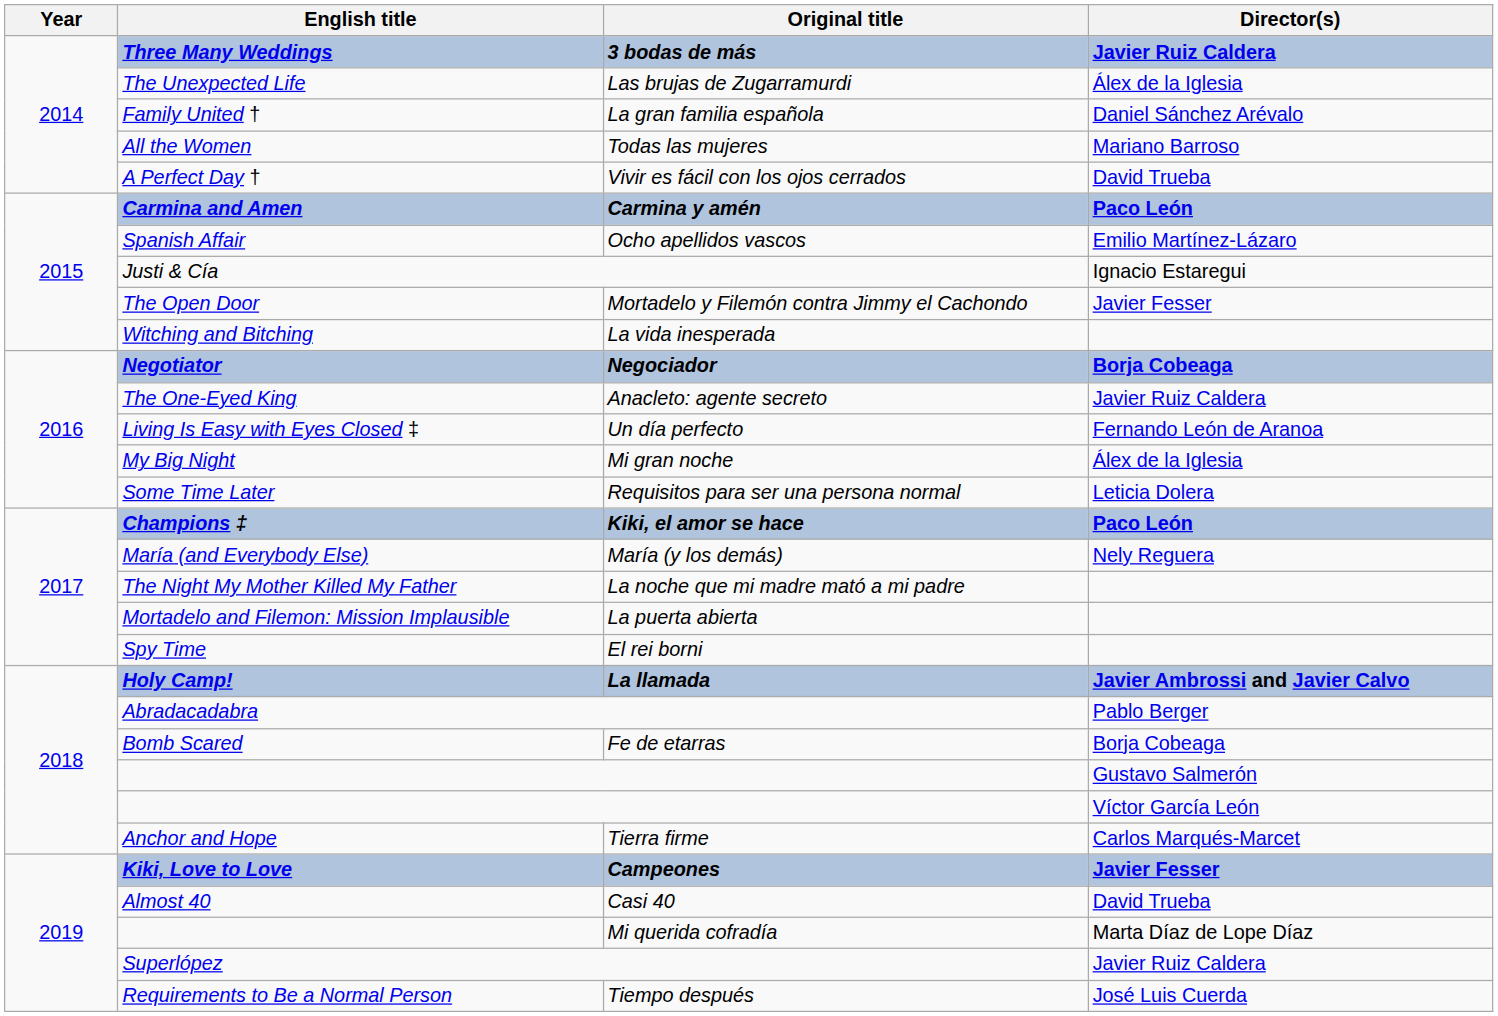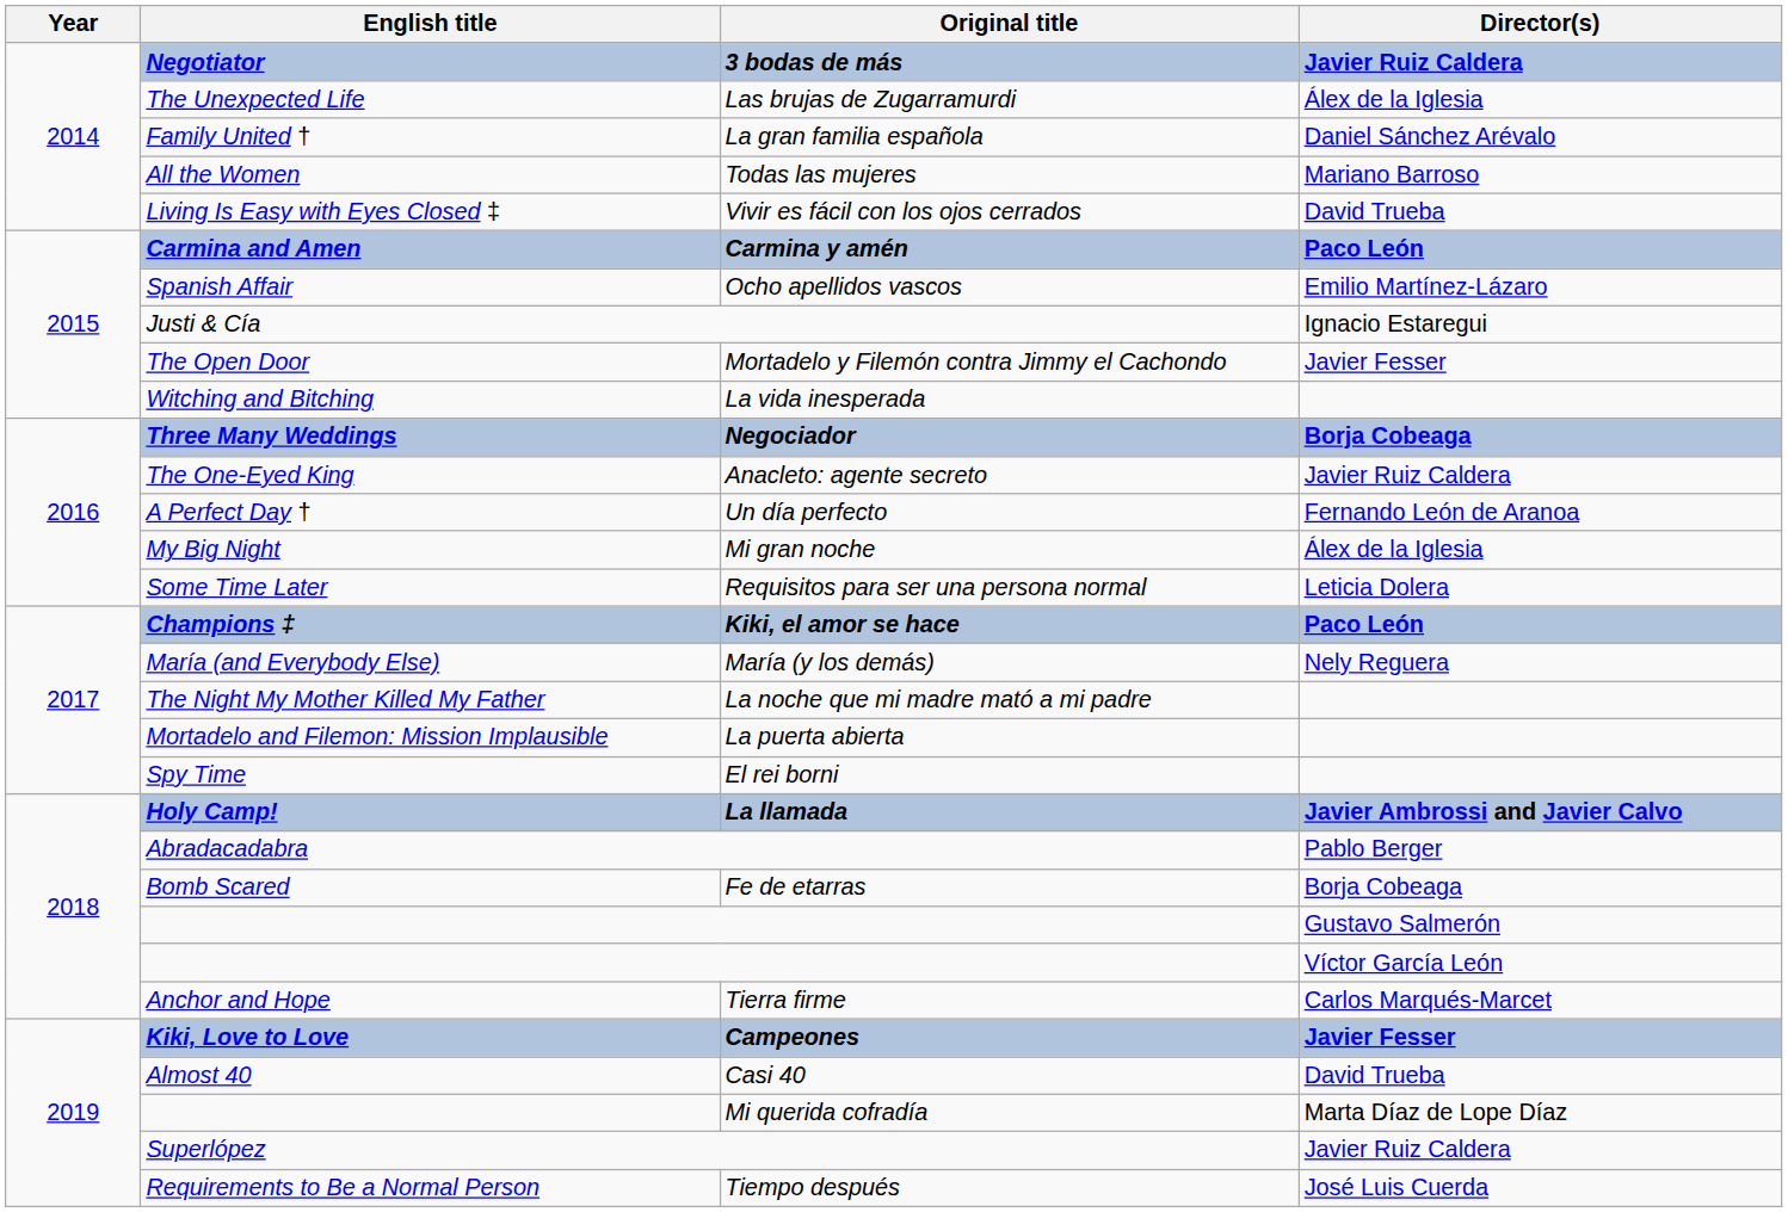 <table class="wikitable" width="95%" cellpadding="5">
 <tr>
 <th width="7%">Year</th>
 <th width="30%">English title</th>
 <th width="30%">Original title</th>
 <th width="25%">Director(s)</th>
 </tr>
 <tr>
 <td rowspan=5 style="text-align:center"><a href='#'>2014</a><br></td>
-<td style="background:#B0C4DE;"><strong><em><a href='#'>Three Many Weddings</a></em></strong></td>
+<td style="background:#B0C4DE;"><strong><em><a href='#'>Negotiator</a></em></strong></td>
 <td style="background:#B0C4DE;"><strong><em>3  bodas de más</em></strong></td>
 <td style="background:#B0C4DE;"><strong><a href='#'>Javier Ruiz Caldera</a></strong></td>
 </tr>
 <tr>
 <td><em><a href='#'>The Unexpected Life</a></em></td>
 <td><em>Las brujas de Zugarramurdi</em></td>
 <td><a href='#'>Álex de la Iglesia</a></td>
 </tr>
 <tr>
 <td><em><a href='#'>Family United</a></em> †</td>
 <td><em>La gran familia española</em></td>
 <td><a href='#'>Daniel Sánchez Arévalo</a></td>
 </tr>
 <tr>
 <td><em><a href='#'>All the Women</a></em></td>
 <td><em>Todas las mujeres</em></td>
 <td><a href='#'>Mariano Barroso</a></td>
 </tr>
 <tr>
-<td><em><a href='#'>A Perfect Day</a></em> †</td>
+<td><em><a href='#'>Living Is Easy with Eyes Closed</a></em> ‡</td>
 <td><em>Vivir es fácil con los ojos cerrados</em></td>
 <td><a href='#'>David Trueba</a></td>
 </tr>
 <tr>
 <td rowspan=5 style="text-align:center"><a href='#'>2015</a><br></td>
 <td style="background:#B0C4DE;"><strong><em><a href='#'>Carmina and Amen</a></em></strong></td>
 <td style="background:#B0C4DE;"><strong><em>Carmina y amén</em></strong></td>
 <td style="background:#B0C4DE;"><strong><a href='#'>Paco León</a></strong></td>
 </tr>
 <tr>
 <td><em><a href='#'>Spanish Affair</a></em></td>
 <td><em>Ocho apellidos vascos</em></td>
 <td><a href='#'>Emilio Martínez-Lázaro</a></td>
 </tr>
 <tr>
 <td colspan="2"><em>Justi & Cía</em></td>
 <td>Ignacio Estaregui</td>
 </tr>
 <tr>
 <td><em><a href='#'>The Open Door</a></em></td>
 <td><em>Mortadelo y Filemón contra Jimmy el Cachondo</em></td>
 <td><a href='#'>Javier Fesser</a></td>
 </tr>
 <tr>
 <td><em><a href='#'>Witching and Bitching</a></em></td>
 <td><em>La vida inesperada</em></td>
 <td></td>
 </tr>
 <tr>
 <td rowspan=5 style="text-align:center"><a href='#'>2016</a><br></td>
-<td style="background:#B0C4DE;"><strong><em><a href='#'>Negotiator</a></em></strong></td>
+<td style="background:#B0C4DE;"><strong><em><a href='#'>Three Many Weddings</a></em></strong></td>
 <td style="background:#B0C4DE;"><strong><em>Negociador</em></strong></td>
 <td style="background:#B0C4DE;"><strong><a href='#'>Borja Cobeaga</a></strong></td>
 </tr>
 <tr>
 <td><em><a href='#'>The One-Eyed King</a></em></td>
 <td><em>Anacleto: agente secreto</em></td>
 <td><a href='#'>Javier Ruiz Caldera</a></td>
 </tr>
 <tr>
-<td><em><a href='#'>Living Is Easy with Eyes Closed</a></em> ‡</td>
+<td><em><a href='#'>A Perfect Day</a></em> †</td>
 <td><em>Un día perfecto</em></td>
 <td><a href='#'>Fernando León de Aranoa</a></td>
 </tr>
 <tr>
 <td><em><a href='#'>My Big Night</a></em></td>
 <td><em>Mi gran noche</em></td>
 <td><a href='#'>Álex de la Iglesia</a></td>
 </tr>
 <tr>
 <td><em><a href='#'>Some Time Later</a></em></td>
 <td><em>Requisitos para ser una persona normal</em></td>
 <td><a href='#'>Leticia Dolera</a></td>
 </tr>
 <tr>
 <td rowspan=5 style="text-align:center"><a href='#'>2017</a><br></td>
 <td style="background:#B0C4DE;"><strong><em><a href='#'>Champions</a> ‡</em></strong></td>
 <td style="background:#B0C4DE;"><strong><em>Kiki, el amor se hace</em></strong></td>
 <td style="background:#B0C4DE;"><strong><a href='#'>Paco León</a></strong></td>
 </tr>
 <tr>
 <td><em><a href='#'>María (and Everybody Else)</a></em></td>
 <td><em>María (y los demás)</em></td>
 <td><a href='#'>Nely Reguera</a></td>
 </tr>
 <tr>
 <td><em><a href='#'>The Night My Mother Killed My Father</a></em></td>
 <td><em>La noche que mi madre mató a mi padre</em></td>
 <td></td>
 </tr>
 <tr>
 <td><em><a href='#'>Mortadelo and Filemon: Mission Implausible</a></em></td>
 <td><em>La puerta abierta</em></td>
 <td></td>
 </tr>
 <tr>
 <td><em><a href='#'>Spy Time</a></em></td>
 <td><em>El rei borni</em></td>
 <td></td>
 </tr>
 <tr>
 <td rowspan=6 style="text-align:center"><a href='#'>2018</a><br></td>
 <td style="background:#B0C4DE;"><strong><em><a href='#'>Holy Camp!</a></em></strong></td>
 <td style="background:#B0C4DE;"><strong><em>La llamada</em></strong></td>
 <td style="background:#B0C4DE;"><strong><a href='#'>Javier Ambrossi</a> and <a href='#'>Javier Calvo</a></strong></td>
 </tr>
 <tr>
 <td colspan="2"><em><a href='#'>Abradacadabra</a></em></td>
 <td><a href='#'>Pablo Berger</a></td>
 </tr>
 <tr>
 <td><em><a href='#'>Bomb Scared</a></em></td>
 <td><em>Fe de etarras</em></td>
 <td><a href='#'>Borja Cobeaga</a></td>
 </tr>
 <tr>
 <td colspan="2"><em></em></td>
 <td><a href='#'>Gustavo Salmerón</a></td>
 </tr>
 <tr>
 <td colspan="2"><em></em></td>
 <td><a href='#'>Víctor García León</a></td>
 </tr>
 <tr>
 <td><em><a href='#'>Anchor and Hope</a></em></td>
 <td><em>Tierra firme</em></td>
 <td><a href='#'>Carlos Marqués-Marcet</a></td>
 </tr>
 <tr>
 <td rowspan=5 style="text-align:center"><a href='#'>2019</a><br></td>
 <td style="background:#B0C4DE;"><strong><em><a href='#'>Kiki, Love to Love</a></em></strong></td>
 <td style="background:#B0C4DE;"><strong><em>Campeones</em></strong></td>
 <td style="background:#B0C4DE;"><strong><a href='#'>Javier Fesser</a></strong></td>
 </tr>
 <tr>
 <td><em><a href='#'>Almost 40</a></em></td>
 <td><em>Casi 40</em></td>
 <td><a href='#'>David Trueba</a></td>
 </tr>
 <tr>
 <td><em></em></td>
 <td><em>Mi querida cofradía</em></td>
 <td>Marta Díaz de Lope Díaz</td>
 </tr>
 <tr>
 <td colspan="2"><em><a href='#'>Superlópez</a></em></td>
 <td><a href='#'>Javier Ruiz Caldera</a></td>
 </tr>
 <tr>
 <td><em><a href='#'>Requirements to Be a Normal Person</a></em></td>
 <td><em>Tiempo después</em></td>
 <td><a href='#'>José Luis Cuerda</a></td>
 </tr>
 <tr>
 </tr>
 </table>
